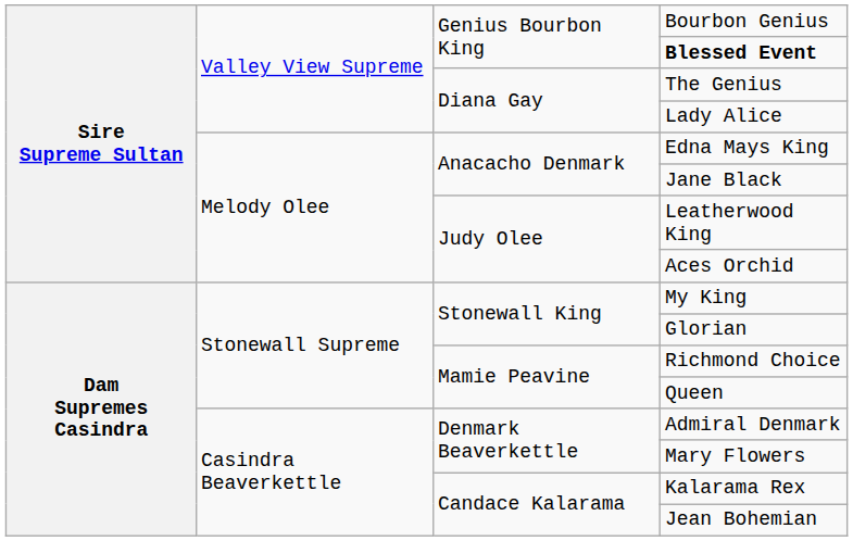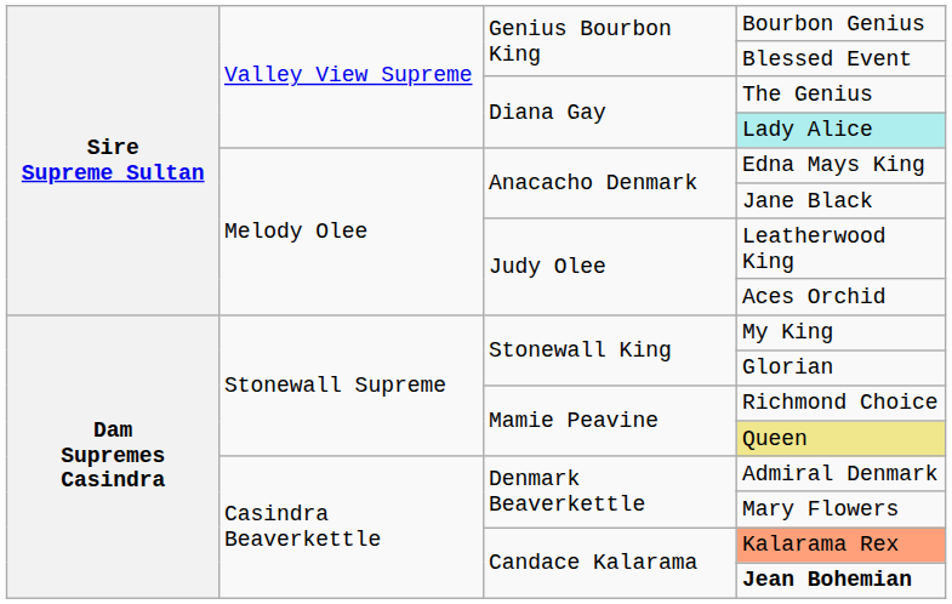 <table class="wikitable" style="clear:both; margin:0em auto; width:90%;">
 <tr>
 <th rowspan="8">Sire<br><a href='#'>Supreme Sultan</a></th>
 <td rowspan="4"><a href='#'>Valley View Supreme</a></td>
 <td rowspan="2">Genius Bourbon King</td>
 <td>Bourbon Genius</td>
 </tr>
 <tr>
-<td><strong>Blessed Event</strong></td>
+<td>Blessed Event</td>
 </tr>
 <tr>
 <td rowspan="2">Diana Gay</td>
 <td>The Genius</td>
 </tr>
 <tr>
-<td>Lady Alice</td>
+<td style="background: paleturquoise;">Lady Alice</td>
 </tr>
 <tr>
 <td rowspan="4">Melody Olee</td>
 <td rowspan="2">Anacacho Denmark</td>
 <td>Edna Mays King</td>
 </tr>
 <tr>
 <td>Jane Black</td>
 </tr>
 <tr>
 <td rowspan="2">Judy Olee</td>
 <td>Leatherwood King</td>
 </tr>
 <tr>
 <td>Aces Orchid</td>
 </tr>
 <tr>
 <th rowspan="8">Dam<br>Supremes Casindra</th>
 <td rowspan="4">Stonewall Supreme</td>
 <td rowspan="2">Stonewall King</td>
 <td>My King</td>
 </tr>
 <tr>
 <td>Glorian</td>
 </tr>
 <tr>
 <td rowspan="2">Mamie Peavine</td>
 <td>Richmond Choice</td>
 </tr>
 <tr>
-<td>Queen</td>
+<td style="background: khaki;">Queen</td>
 </tr>
 <tr>
 <td rowspan="4">Casindra Beaverkettle</td>
 <td rowspan="2">Denmark Beaverkettle</td>
 <td>Admiral Denmark</td>
 </tr>
 <tr>
 <td>Mary Flowers</td>
 </tr>
 <tr>
 <td rowspan="2">Candace Kalarama</td>
-<td>Kalarama Rex</td>
+<td style="background: lightsalmon;">Kalarama Rex</td>
 </tr>
 <tr>
-<td>Jean Bohemian</td>
+<td><strong>Jean Bohemian</strong></td>
 </tr>
 </table>
